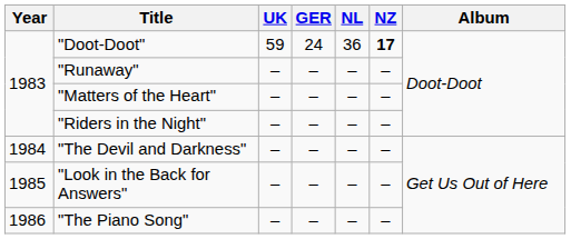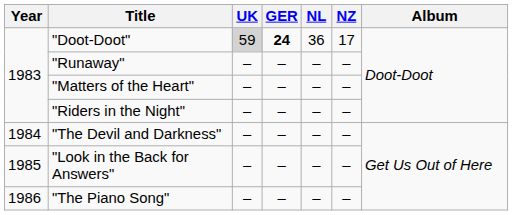 <table class="wikitable">
 <tr>
 <th width="40">Year</th>
 <th style="width:190px;">Title</th>
 <th width="25"><a href='#'>UK</a><br></th>
 <th width="25"><a href='#'>GER</a><br></th>
 <th width="25"><a href='#'>NL</a><br></th>
 <th width="25"><a href='#'>NZ</a><br></th>
 <th style="width:150px;">Album</th>
 </tr>
 <tr>
 <td rowspan="4">1983</td>
 <td>"Doot-Doot"</td>
-<td style="text-align:center;">59</td>
-<td style="text-align:center;">24</td>
+<td style="background: lightgrey; text-align:center;">59</td>
+<td style="text-align:center;"><strong>24</strong></td>
 <td style="text-align:center;">36</td>
-<td style="text-align:center;"><strong>17</strong></td>
+<td style="text-align:center;">17</td>
 <td rowspan="4"><em>Doot-Doot</em></td>
 </tr>
 <tr>
 <td>"Runaway"</td>
 <td style="text-align:center;">–</td>
 <td style="text-align:center;">–</td>
 <td style="text-align:center;">–</td>
 <td style="text-align:center;">–</td>
 </tr>
 <tr>
 <td>"Matters of the Heart"</td>
 <td style="text-align:center;">–</td>
 <td style="text-align:center;">–</td>
 <td style="text-align:center;">–</td>
 <td style="text-align:center;">–</td>
 </tr>
 <tr>
 <td>"Riders in the Night"</td>
 <td style="text-align:center;">–</td>
 <td style="text-align:center;">–</td>
 <td style="text-align:center;">–</td>
 <td style="text-align:center;">–</td>
 </tr>
 <tr>
 <td>1984</td>
 <td>"The Devil and Darkness"</td>
 <td style="text-align:center;">–</td>
 <td style="text-align:center;">–</td>
 <td style="text-align:center;">–</td>
 <td style="text-align:center;">–</td>
 <td rowspan="3"><em>Get Us Out of Here</em></td>
 </tr>
 <tr>
 <td>1985</td>
 <td>"Look in the Back for Answers"</td>
 <td style="text-align:center;">–</td>
 <td style="text-align:center;">–</td>
 <td style="text-align:center;">–</td>
 <td style="text-align:center;">–</td>
 </tr>
 <tr>
 <td>1986</td>
 <td>"The Piano Song"</td>
 <td style="text-align:center;">–</td>
 <td style="text-align:center;">–</td>
 <td style="text-align:center;">–</td>
 <td style="text-align:center;">–</td>
 </tr>
 </table>
